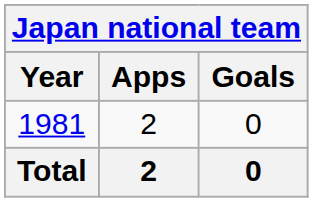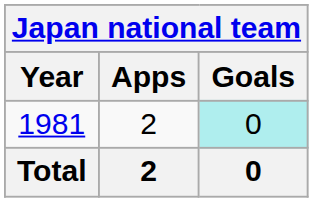 <table class="wikitable" style="text-align:center">
 <tr>
 <th colspan=3><a href='#'>Japan national team</a></th>
 </tr>
 <tr>
 <th>Year</th>
 <th>Apps</th>
 <th>Goals</th>
 </tr>
 <tr>
 <td><a href='#'>1981</a></td>
 <td>2</td>
-<td>0</td>
+<td style="background: paleturquoise;">0</td>
 </tr>
 <tr>
 <th>Total</th>
 <th>2</th>
 <th>0</th>
 </tr>
 </table>
